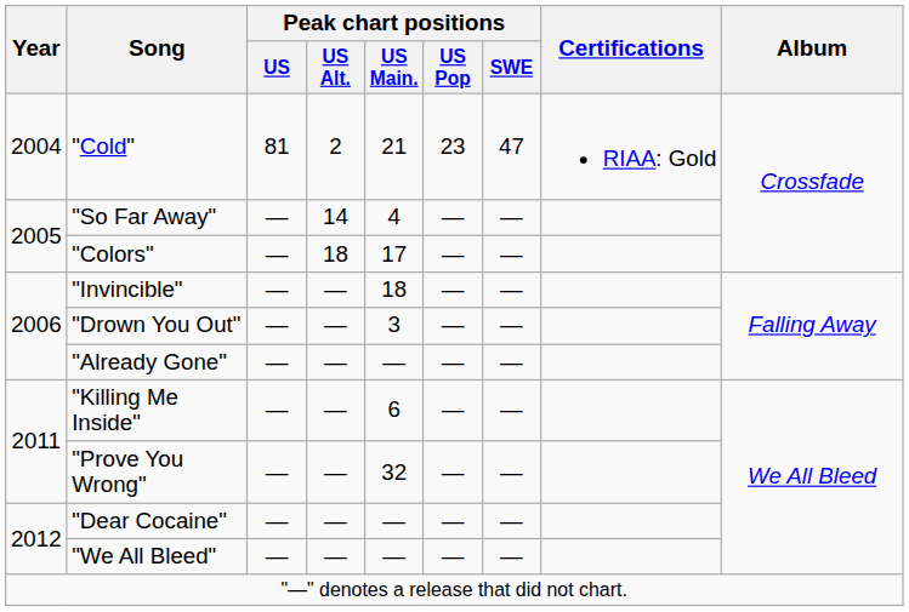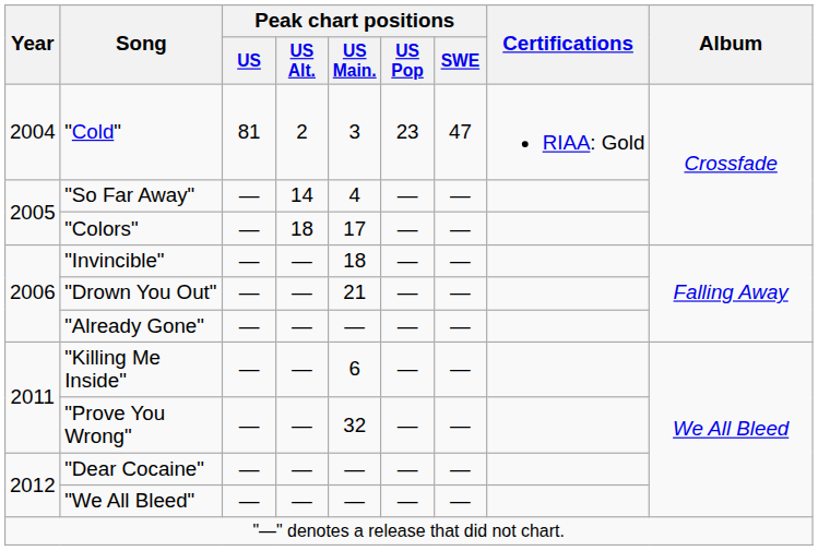 <table class="wikitable" style="text-align:center;">
 <tr>
 <th rowspan="2">Year</th>
 <th rowspan="2" style="width:120px;">Song</th>
 <th colspan="5">Peak chart positions</th>
 <th rowspan="2"><a href='#'>Certifications</a></th>
 <th rowspan="2" style="width:120px;">Album</th>
 </tr>
 <tr style="font-size:smaller;">
 <th style="width:35px;"><a href='#'>US</a><br></th>
 <th style="width:35px;"><a href='#'>US<br>Alt.</a><br></th>
 <th style="width:35px;"><a href='#'>US<br>Main.</a><br></th>
 <th style="width:35px;"><a href='#'>US<br>Pop</a><br></th>
 <th style="width:35px;"><a href='#'>SWE</a><br></th>
 </tr>
 <tr>
 <td>2004</td>
 <td style="text-align:left;">"<a href='#'>Cold</a>"</td>
 <td>81</td>
 <td>2</td>
-<td>21</td>
+<td>3</td>
 <td>23</td>
 <td>47</td>
 <td style="text-align:left;"><br><ul><li><a href='#'>RIAA</a>: Gold</li></ul></td>
 <td style="text-align:center;" rowspan="3"><em><a href='#'>Crossfade</a></em></td>
 </tr>
 <tr>
 <td rowspan="2">2005</td>
 <td style="text-align:left;">"So Far Away"</td>
 <td>—</td>
 <td>14</td>
 <td>4</td>
 <td>—</td>
 <td>—</td>
 <td></td>
 </tr>
 <tr>
 <td style="text-align:left;">"Colors"</td>
 <td>—</td>
 <td>18</td>
 <td>17</td>
 <td>—</td>
 <td>—</td>
 <td></td>
 </tr>
 <tr>
 <td rowspan="3">2006</td>
 <td style="text-align:left;">"Invincible"</td>
 <td>—</td>
 <td>—</td>
 <td>18</td>
 <td>—</td>
 <td>—</td>
 <td></td>
 <td style="text-align:center;" rowspan="3"><em><a href='#'>Falling Away</a></em></td>
 </tr>
 <tr>
 <td style="text-align:left;">"Drown You Out"</td>
 <td>—</td>
 <td>—</td>
-<td>3</td>
+<td>21</td>
 <td>—</td>
 <td>—</td>
 <td></td>
 </tr>
 <tr>
 <td style="text-align:left;">"Already Gone"</td>
 <td>—</td>
 <td>—</td>
 <td>—</td>
 <td>—</td>
 <td>—</td>
 <td></td>
 </tr>
 <tr>
 <td rowspan="2">2011</td>
 <td style="text-align:left;">"Killing Me Inside"</td>
 <td>—</td>
 <td>—</td>
 <td>6</td>
 <td>—</td>
 <td>—</td>
 <td></td>
 <td style="text-align:center;" rowspan="4"><em><a href='#'>We All Bleed</a></em></td>
 </tr>
 <tr>
 <td style="text-align:left;">"Prove You Wrong"</td>
 <td>—</td>
 <td>—</td>
 <td>32</td>
 <td>—</td>
 <td>—</td>
 <td></td>
 </tr>
 <tr>
 <td rowspan="2">2012</td>
 <td style="text-align:left;">"Dear Cocaine"</td>
 <td>—</td>
 <td>—</td>
 <td>—</td>
 <td>—</td>
 <td>—</td>
 <td></td>
 </tr>
 <tr>
 <td style="text-align:left;">"We All Bleed"</td>
 <td>—</td>
 <td>—</td>
 <td>—</td>
 <td>—</td>
 <td>—</td>
 <td></td>
 </tr>
 <tr>
 <td colspan="10" style="font-size:85%">"—" denotes a release that did not chart.</td>
 </tr>
 </table>
